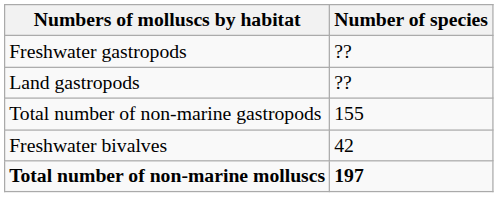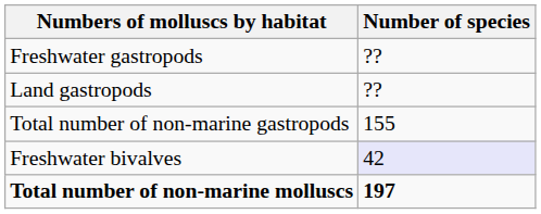 <table class="wikitable">
 <tr>
 <th>Numbers of molluscs by habitat</th>
 <th>Number of species</th>
 </tr>
 <tr>
 <td>Freshwater gastropods</td>
 <td>??</td>
 </tr>
 <tr>
 <td>Land gastropods</td>
 <td>??</td>
 </tr>
 <tr>
 <td>Total number of non-marine gastropods</td>
 <td>155</td>
 </tr>
 <tr>
 <td>Freshwater bivalves</td>
-<td>42</td>
+<td style="background: lavender;">42</td>
 </tr>
 <tr>
 <td><strong>Total number of non-marine molluscs</strong></td>
 <td><strong>197</strong></td>
 </tr>
 </table>
